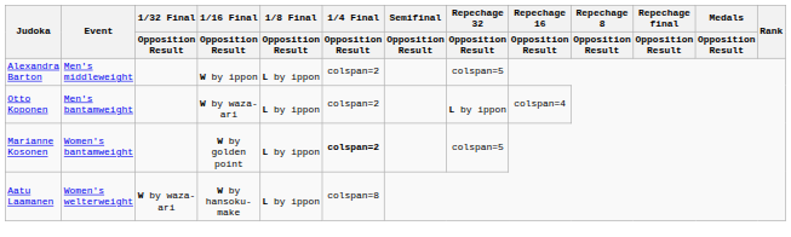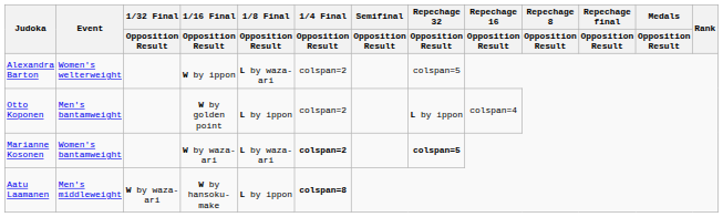 <table class="wikitable">
 <tr>
 <th rowspan="2">Judoka</th>
 <th rowspan="2">Event</th>
 <th>1/32 Final</th>
 <th>1/16 Final</th>
 <th>1/8 Final</th>
 <th>1/4 Final</th>
 <th>Semifinal</th>
 <th>Repechage 32</th>
 <th>Repechage 16</th>
 <th>Repechage 8</th>
 <th>Repechage final</th>
 <th>Medals</th>
 <th rowspan="2">Rank</th>
 </tr>
 <tr>
 <th>Opposition<br>Result</th>
 <th>Opposition<br>Result</th>
 <th>Opposition<br>Result</th>
 <th>Opposition<br>Result</th>
 <th>Opposition<br>Result</th>
 <th>Opposition<br>Result</th>
 <th>Opposition<br>Result</th>
 <th>Opposition<br>Result</th>
 <th>Opposition<br>Result</th>
 <th>Opposition<br>Result</th>
 </tr>
 <tr align=center>
 <td align=left><a href='#'>Alexandra Barton</a></td>
-<td align=left><a href='#'>Men's middleweight</a></td>
+<td align=left><a href='#'>Women's welterweight</a></td>
 <td></td>
 <td><br><strong>W</strong> by ippon</td>
-<td><br><strong>L</strong> by ippon</td>
+<td><br><strong>L</strong> by waza-ari</td>
 <td>colspan=2 </td>
 <td></td>
 <td>colspan=5 </td>
 </tr>
 <tr align=center>
 <td align=left><a href='#'>Otto Koponen</a></td>
 <td align=left><a href='#'>Men's bantamweight</a></td>
 <td></td>
-<td><br><strong>W</strong> by waza-ari</td>
+<td><br><strong>W</strong> by golden point</td>
 <td><br><strong>L</strong> by ippon</td>
 <td>colspan=2 </td>
 <td></td>
 <td><br><strong>L</strong> by ippon</td>
 <td>colspan=4 </td>
 </tr>
 <tr align=center>
 <td align=left><a href='#'>Marianne Kosonen</a></td>
 <td align=left><a href='#'>Women's bantamweight</a></td>
 <td></td>
-<td><br><strong>W</strong> by golden point</td>
-<td><br><strong>L</strong> by ippon</td>
+<td><br><strong>W</strong> by waza-ari</td>
+<td><br><strong>L</strong> by waza-ari</td>
 <td><strong>colspan=2 </strong></td>
 <td></td>
-<td>colspan=5 </td>
+<td><strong>colspan=5 </strong></td>
 </tr>
 <tr align=center>
 <td align=left><a href='#'>Aatu Laamanen</a></td>
-<td align=left><a href='#'>Women's welterweight</a></td>
+<td align=left><a href='#'>Men's middleweight</a></td>
 <td><br><strong>W</strong> by waza-ari</td>
 <td><br><strong>W</strong> by hansoku-make</td>
 <td><br><strong>L</strong> by ippon</td>
-<td>colspan=8 </td>
+<td><strong>colspan=8 </strong></td>
 </tr>
 </table>
